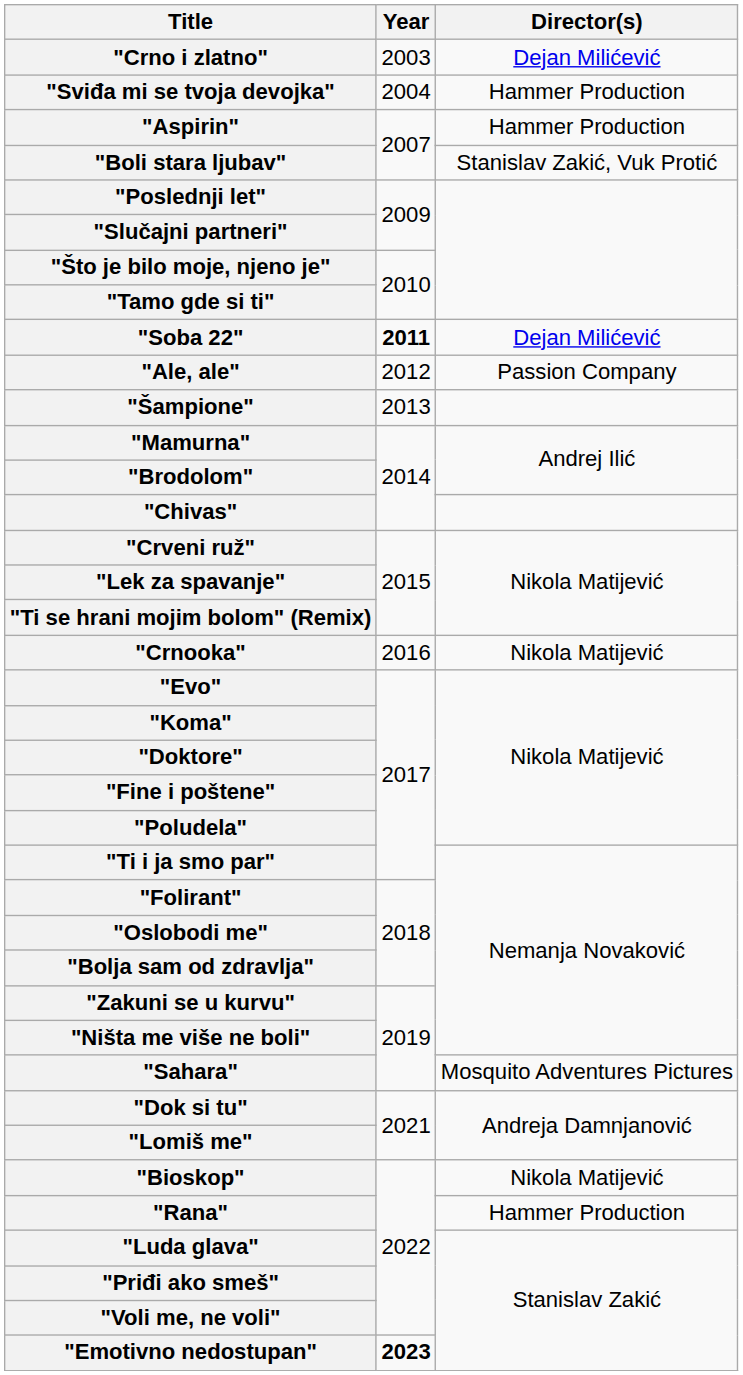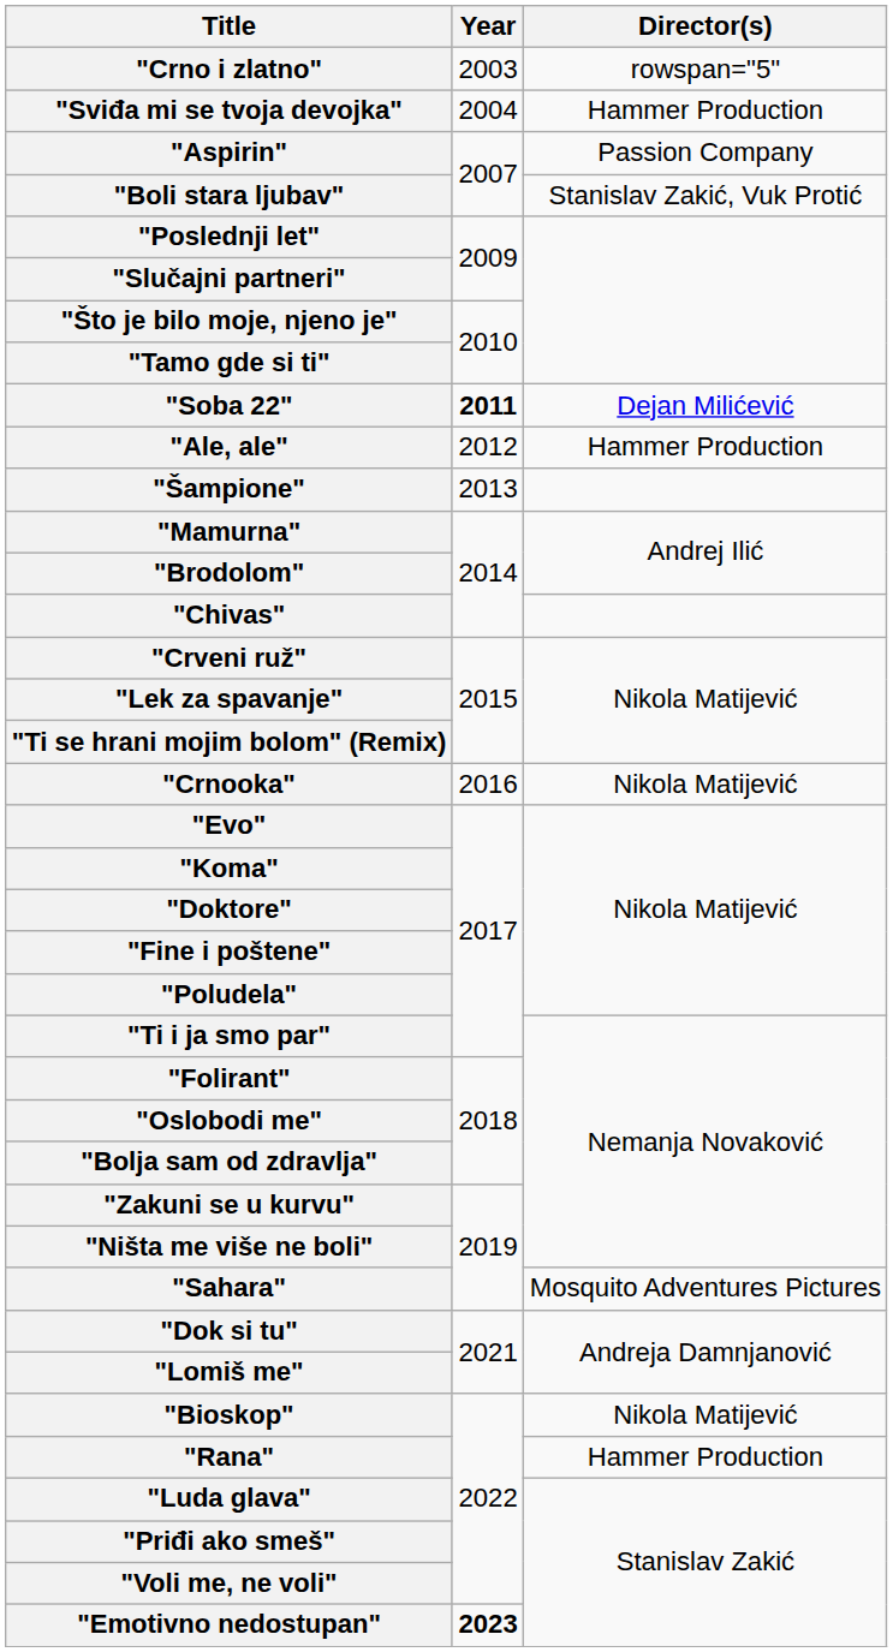 <table class="wikitable plainrowheaders" style="text-align:center;">
 <tr>
 <th scope="col">Title</th>
 <th scope="col">Year</th>
 <th scope="col">Director(s)</th>
 </tr>
 <tr>
 <th scope="row">"Crno i zlatno"</th>
 <td>2003</td>
-<td><a href='#'>Dejan Milićević</a></td>
+<td>rowspan="5" </td>
 </tr>
 <tr>
 <th scope="row">"Sviđa mi se tvoja devojka"</th>
 <td>2004</td>
 <td>Hammer Production</td>
 </tr>
 <tr>
 <th scope="row">"Aspirin"</th>
 <td rowspan="2">2007</td>
-<td>Hammer Production</td>
+<td>Passion Company</td>
 </tr>
 <tr>
 <th scope="row">"Boli stara ljubav"</th>
 <td>Stanislav Zakić, Vuk Protić</td>
 </tr>
 <tr>
 <th scope="row">"Poslednji let"</th>
 <td rowspan="2">2009</td>
 </tr>
 <tr>
 <th scope="row">"Slučajni partneri"</th>
 </tr>
 <tr>
 <th scope="row">"Što je bilo moje, njeno je"</th>
 <td rowspan="2">2010</td>
 </tr>
 <tr>
 <th scope="row">"Tamo gde si ti"</th>
 </tr>
 <tr>
 <th scope="row">"Soba 22"</th>
 <td><strong>2011</strong></td>
 <td><a href='#'>Dejan Milićević</a></td>
 </tr>
 <tr>
 <th scope="row">"Ale, ale"</th>
 <td>2012</td>
-<td>Passion Company</td>
+<td>Hammer Production</td>
 </tr>
 <tr>
 <th scope="row">"Šampione"</th>
 <td>2013</td>
 <td></td>
 </tr>
 <tr>
 <th scope="row">"Mamurna"</th>
 <td rowspan="3">2014</td>
 <td rowspan="2">Andrej Ilić</td>
 </tr>
 <tr>
 <th scope="row">"Brodolom"</th>
 </tr>
 <tr>
 <th scope="row">"Chivas"</th>
 <td></td>
 </tr>
 <tr>
 <th scope="row">"Crveni ruž"</th>
 <td rowspan="3">2015</td>
 <td rowspan="3">Nikola Matijević</td>
 </tr>
 <tr>
 <th scope="row">"Lek za spavanje"</th>
 </tr>
 <tr>
 <th scope="row">"Ti se hrani mojim bolom" (Remix)</th>
 </tr>
 <tr>
 <th scope="row">"Crnooka"</th>
 <td>2016</td>
 <td>Nikola Matijević</td>
 </tr>
 <tr>
 <th scope="row">"Evo"</th>
 <td rowspan="6">2017</td>
 <td rowspan="5">Nikola Matijević</td>
 </tr>
 <tr>
 <th scope="row">"Koma"</th>
 </tr>
 <tr>
 <th scope="row">"Doktore"</th>
 </tr>
 <tr>
 <th scope="row">"Fine i poštene"</th>
 </tr>
 <tr>
 <th scope="row">"Poludela"</th>
 </tr>
 <tr>
 <th scope="row">"Ti i ja smo par"</th>
 <td rowspan="6">Nemanja Novaković</td>
 </tr>
 <tr>
 <th scope="row">"Folirant"</th>
 <td rowspan="3">2018</td>
 </tr>
 <tr>
 <th scope="row">"Oslobodi me"</th>
 </tr>
 <tr>
 <th scope="row">"Bolja sam od zdravlja"</th>
 </tr>
 <tr>
 <th scope="row">"Zakuni se u kurvu"</th>
 <td rowspan="3">2019</td>
 </tr>
 <tr>
 <th scope="row">"Ništa me više ne boli"</th>
 </tr>
 <tr>
 <th scope="row">"Sahara"</th>
 <td>Mosquito Adventures Pictures</td>
 </tr>
 <tr>
 <th scope="row">"Dok si tu"</th>
 <td rowspan="2">2021</td>
 <td rowspan="2">Andreja Damnjanović</td>
 </tr>
 <tr>
 <th scope="row">"Lomiš me"</th>
 </tr>
 <tr>
 <th scope="row">"Bioskop"</th>
 <td rowspan="5">2022</td>
 <td>Nikola Matijević</td>
 </tr>
 <tr>
 <th scope="row">"Rana"</th>
 <td>Hammer Production</td>
 </tr>
 <tr>
 <th scope="row">"Luda glava"</th>
 <td rowspan="4">Stanislav Zakić</td>
 </tr>
 <tr>
 <th scope="row">"Priđi ako smeš"</th>
 </tr>
 <tr>
 <th scope="row">"Voli me, ne voli"</th>
 </tr>
 <tr>
 <th scope="row">"Emotivno nedostupan"</th>
 <td><strong>2023</strong></td>
 </tr>
 <tr>
 </tr>
 </table>
